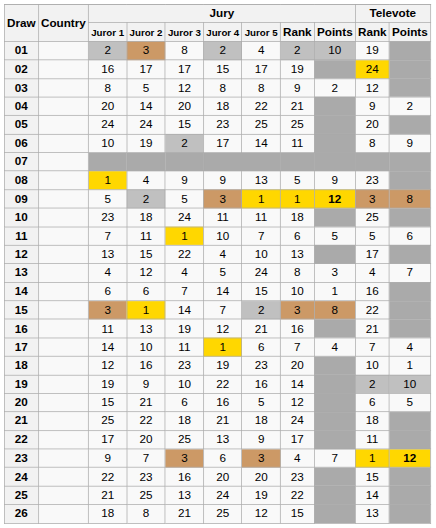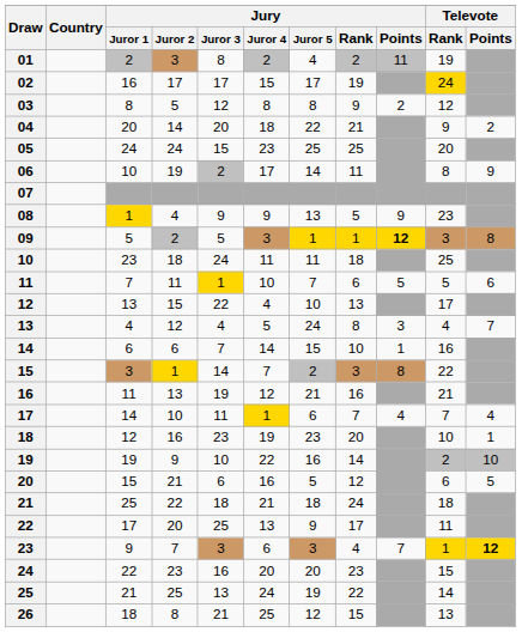 <table class="sortable wikitable collapsible plainrowheaders" style="text-align:center;">
 <tr>
 </tr>
 <tr>
 <th scope="col" rowspan="2">Draw</th>
 <th scope="col" rowspan="2">Country</th>
 <th scope="col" colspan="7">Jury</th>
 <th scope="col" colspan="2">Televote</th>
 </tr>
 <tr>
 <th scope="col"><small>Juror 1</small></th>
 <th scope="col"><small>Juror 2</small></th>
 <th scope="col"><small>Juror 3</small></th>
 <th scope="col"><small>Juror 4</small></th>
 <th scope="col"><small>Juror 5</small></th>
 <th scope="col">Rank</th>
 <th scope="col">Points</th>
 <th scope="col">Rank</th>
 <th scope="col">Points</th>
 </tr>
 <tr>
 <th scope="row" style="text-align:center;">01</th>
 <td style="text-align:left;"></td>
 <td style="background:silver;">2</td>
 <td style="background:#CC9966;">3</td>
 <td>8</td>
 <td style="background:silver;">2</td>
 <td>4</td>
 <td style="background:silver;">2</td>
-<td style="background:silver;">10</td>
+<td style="background:silver;">11</td>
 <td>19</td>
 <td style="background:#AAAAAA;"></td>
 </tr>
 <tr>
 <th scope="row" style="text-align:center;">02</th>
 <td style="text-align:left;"></td>
 <td>16</td>
 <td>17</td>
 <td>17</td>
 <td>15</td>
 <td>17</td>
 <td>19</td>
 <td style="background:#AAAAAA;"></td>
 <td style="background: gold;">24</td>
 <td style="background:#AAAAAA;"></td>
 </tr>
 <tr>
 <th scope="row" style="text-align:center;">03</th>
 <td style="text-align:left;"></td>
 <td>8</td>
 <td>5</td>
 <td>12</td>
 <td>8</td>
 <td>8</td>
 <td>9</td>
 <td>2</td>
 <td>12</td>
 <td style="background:#AAAAAA;"></td>
 </tr>
 <tr>
 <th scope="row" style="text-align:center;">04</th>
 <td style="text-align:left;"></td>
 <td>20</td>
 <td>14</td>
 <td>20</td>
 <td>18</td>
 <td>22</td>
 <td>21</td>
 <td style="background:#AAAAAA;"></td>
 <td>9</td>
 <td>2</td>
 </tr>
 <tr>
 <th scope="row" style="text-align:center;">05</th>
 <td style="text-align:left;"></td>
 <td>24</td>
 <td>24</td>
 <td>15</td>
 <td>23</td>
 <td>25</td>
 <td>25</td>
 <td style="background:#AAAAAA;"></td>
 <td>20</td>
 <td style="background:#AAAAAA;"></td>
 </tr>
 <tr>
 <th scope="row" style="text-align:center;">06</th>
 <td style="text-align:left;"></td>
 <td>10</td>
 <td>19</td>
 <td style="background:silver;">2</td>
 <td>17</td>
 <td>14</td>
 <td>11</td>
 <td style="background:#AAAAAA;"></td>
 <td>8</td>
 <td>9</td>
 </tr>
 <tr class=sortbottom>
 <th scope="row" style="text-align:center;">07</th>
 <td style="text-align:left;"><strong></strong></td>
 <td style="background:#AAAAAA;"></td>
 <td style="background:#AAAAAA;"></td>
 <td style="background:#AAAAAA;"></td>
 <td style="background:#AAAAAA;"></td>
 <td style="background:#AAAAAA;"></td>
 <td style="background:#AAAAAA;"></td>
 <td style="background:#AAAAAA;"></td>
 <td style="background:#AAAAAA;"></td>
 <td style="background:#AAAAAA;"></td>
 </tr>
 <tr>
 <th scope="row" style="text-align:center;">08</th>
 <td style="text-align:left;"></td>
 <td style="background:gold;">1</td>
 <td>4</td>
 <td>9</td>
 <td>9</td>
 <td>13</td>
 <td>5</td>
 <td>9</td>
 <td>23</td>
 <td style="background:#AAAAAA;"></td>
 </tr>
 <tr>
 <th scope="row" style="text-align:center;">09</th>
 <td style="text-align:left;"></td>
 <td>5</td>
 <td style="background:silver;">2</td>
 <td>5</td>
 <td style="background:#CC9966;">3</td>
 <td style="background:gold;">1</td>
 <td style="background:gold;">1</td>
 <td style="background:gold;"><strong>12</strong></td>
 <td style="background:#CC9966;">3</td>
 <td style="background:#CC9966">8</td>
 </tr>
 <tr>
 <th scope="row" style="text-align:center;">10</th>
 <td style="text-align:left;"></td>
 <td>23</td>
 <td>18</td>
 <td>24</td>
 <td>11</td>
 <td>11</td>
 <td>18</td>
 <td style="background:#AAAAAA;"></td>
 <td>25</td>
 <td style="background:#AAAAAA;"></td>
 </tr>
 <tr>
 <th scope="row" style="text-align:center;">11</th>
 <td style="text-align:left;"></td>
 <td>7</td>
 <td>11</td>
 <td style="background:gold;">1</td>
 <td>10</td>
 <td>7</td>
 <td>6</td>
 <td>5</td>
 <td>5</td>
 <td>6</td>
 </tr>
 <tr>
 <th scope="row" style="text-align:center;">12</th>
 <td style="text-align:left;"></td>
 <td>13</td>
 <td>15</td>
 <td>22</td>
 <td>4</td>
 <td>10</td>
 <td>13</td>
 <td style="background:#AAAAAA;"></td>
 <td>17</td>
 <td style="background:#AAAAAA;"></td>
 </tr>
 <tr>
 <th scope="row" style="text-align:center;">13</th>
 <td style="text-align:left;"></td>
 <td>4</td>
 <td>12</td>
 <td>4</td>
 <td>5</td>
 <td>24</td>
 <td>8</td>
 <td>3</td>
 <td>4</td>
 <td>7</td>
 </tr>
 <tr>
 <th scope="row" style="text-align:center;">14</th>
 <td style="text-align:left;"></td>
 <td>6</td>
 <td>6</td>
 <td>7</td>
 <td>14</td>
 <td>15</td>
 <td>10</td>
 <td>1</td>
 <td>16</td>
 <td style="background:#AAAAAA;"></td>
 </tr>
 <tr>
 <th scope="row" style="text-align:center;">15</th>
 <td style="text-align:left;"></td>
 <td style="background:#CC9966;">3</td>
 <td style="background:gold;">1</td>
 <td>14</td>
 <td>7</td>
 <td style="background:silver;">2</td>
 <td style="background:#CC9966;">3</td>
 <td style="background:#CC9966;">8</td>
 <td>22</td>
 <td style="background:#AAAAAA;"></td>
 </tr>
 <tr>
 <th scope="row" style="text-align:center;">16</th>
 <td style="text-align:left;"></td>
 <td>11</td>
 <td>13</td>
 <td>19</td>
 <td>12</td>
 <td>21</td>
 <td>16</td>
 <td style="background:#AAAAAA;"></td>
 <td>21</td>
 <td style="background:#AAAAAA;"></td>
 </tr>
 <tr>
 <th scope="row" style="text-align:center;">17</th>
 <td style="text-align:left;"></td>
 <td>14</td>
 <td>10</td>
 <td>11</td>
 <td style="background:gold;">1</td>
 <td>6</td>
 <td>7</td>
 <td>4</td>
 <td>7</td>
 <td>4</td>
 </tr>
 <tr>
 <th scope="row" style="text-align:center;">18</th>
 <td style="text-align:left;"></td>
 <td>12</td>
 <td>16</td>
 <td>23</td>
 <td>19</td>
 <td>23</td>
 <td>20</td>
 <td style="background:#AAAAAA;"></td>
 <td>10</td>
 <td>1</td>
 </tr>
 <tr>
 <th scope="row" style="text-align:center;">19</th>
 <td style="text-align:left;"></td>
 <td>19</td>
 <td>9</td>
 <td>10</td>
 <td>22</td>
 <td>16</td>
 <td>14</td>
 <td style="background:#AAAAAA;"></td>
 <td style="background:silver;">2</td>
 <td style="background:silver;">10</td>
 </tr>
 <tr>
 <th scope="row" style="text-align:center;">20</th>
 <td style="text-align:left;"></td>
 <td>15</td>
 <td>21</td>
 <td>6</td>
 <td>16</td>
 <td>5</td>
 <td>12</td>
 <td style="background:#AAAAAA;"></td>
 <td>6</td>
 <td>5</td>
 </tr>
 <tr>
 <th scope="row" style="text-align:center;">21</th>
 <td style="text-align:left;"></td>
 <td>25</td>
 <td>22</td>
 <td>18</td>
 <td>21</td>
 <td>18</td>
 <td>24</td>
 <td style="background:#AAAAAA;"></td>
 <td>18</td>
 <td style="background:#AAAAAA;"></td>
 </tr>
 <tr>
 <th scope="row" style="text-align:center;">22</th>
 <td style="text-align:left;"></td>
 <td>17</td>
 <td>20</td>
 <td>25</td>
 <td>13</td>
 <td>9</td>
 <td>17</td>
 <td style="background:#AAAAAA;"></td>
 <td>11</td>
 <td style="background:#AAAAAA;"></td>
 </tr>
 <tr>
 <th scope="row" style="text-align:center;">23</th>
 <td style="text-align:left;"></td>
 <td>9</td>
 <td>7</td>
 <td style="background:#CC9966;">3</td>
 <td>6</td>
 <td style="background:#CC9966;">3</td>
 <td>4</td>
 <td>7</td>
 <td style="background:gold;">1</td>
 <td style="background:gold;"><strong>12</strong></td>
 </tr>
 <tr>
 <th scope="row" style="text-align:center;">24</th>
 <td style="text-align:left;"></td>
 <td>22</td>
 <td>23</td>
 <td>16</td>
 <td>20</td>
 <td>20</td>
 <td>23</td>
 <td style="background:#AAAAAA;"></td>
 <td>15</td>
 <td style="background:#AAAAAA;"></td>
 </tr>
 <tr>
 <th scope="row" style="text-align:center;">25</th>
 <td style="text-align:left;"></td>
 <td>21</td>
 <td>25</td>
 <td>13</td>
 <td>24</td>
 <td>19</td>
 <td>22</td>
 <td style="background:#AAAAAA;"></td>
 <td>14</td>
 <td style="background:#AAAAAA;"></td>
 </tr>
 <tr>
 <th scope="row" style="text-align:center;">26</th>
 <td style="text-align:left;"></td>
 <td>18</td>
 <td>8</td>
 <td>21</td>
 <td>25</td>
 <td>12</td>
 <td>15</td>
 <td style="background:#AAAAAA;"></td>
 <td>13</td>
 <td style="background:#AAAAAA;"></td>
 </tr>
 </table>
